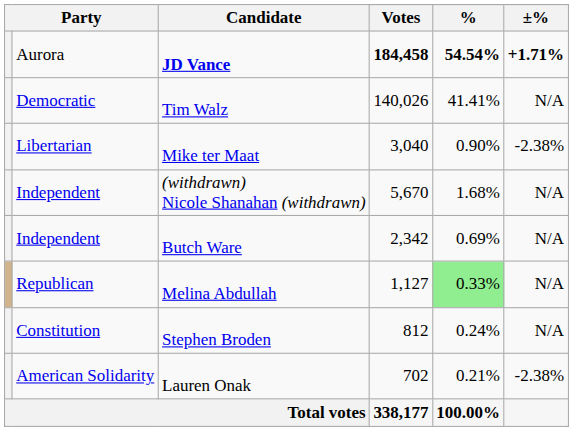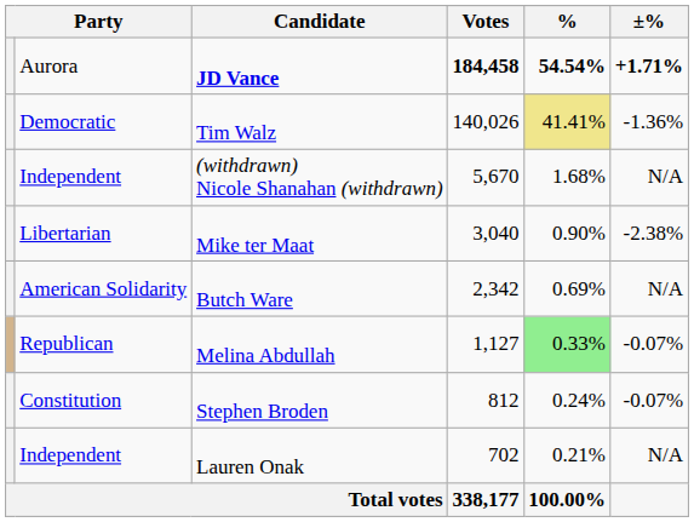 <table class="wikitable sortable" style="text-align:right">
 <tr>
 <th colspan="2" rowspan="2">Party</th>
 <th rowspan="2">Candidate</th>
 </tr>
 <tr>
 <th>Votes</th>
 <th>%</th>
 <th>±%</th>
 </tr>
 <tr>
 <th style="background-color:"></th>
 <td style="text-align:left">Aurora</td>
 <td scope="row" style="text-align:left"><strong></strong><br><strong><a href='#'>JD Vance</a></strong></td>
 <td><strong>184,458</strong></td>
 <td><strong>54.54%</strong></td>
 <td><strong>+1.71%</strong></td>
 </tr>
 <tr>
 <th style="background-color:"></th>
 <td style="text-align:left"><a href='#'>Democratic</a></td>
 <td scope="row" style="text-align:left"><br><a href='#'>Tim Walz</a></td>
 <td>140,026</td>
-<td>41.41%</td>
+<td style="background: khaki;">41.41%</td>
+<td>-1.36%</td>
+</tr>
+<tr>
+<th style="background-color:"></th>
+<td style="text-align:left"><a href='#'>Independent</a></td>
+<td scope="row" style="text-align:left"> <em>(withdrawn)</em><br><a href='#'>Nicole Shanahan</a> <em>(withdrawn)</em></td>
+<td>5,670</td>
+<td>1.68%</td>
 <td>N/A</td>
 </tr>
 <tr>
 <th style="background-color:"></th>
 <td style="text-align:left"><a href='#'>Libertarian</a></td>
 <td scope="row" style="text-align:left"><br><a href='#'>Mike ter Maat</a></td>
 <td>3,040</td>
 <td>0.90%</td>
 <td>-2.38%</td>
 </tr>
 <tr>
 <th style="background-color:"></th>
-<td style="text-align:left"><a href='#'>Independent</a></td>
-<td scope="row" style="text-align:left"> <em>(withdrawn)</em><br><a href='#'>Nicole Shanahan</a> <em>(withdrawn)</em></td>
-<td>5,670</td>
-<td>1.68%</td>
-<td>N/A</td>
-</tr>
-<tr>
-<th style="background-color:"></th>
-<td style="text-align:left"><a href='#'>Independent</a></td>
+<td style="text-align:left"><a href='#'>American Solidarity</a></td>
 <td scope="row" style="text-align:left"><br><a href='#'>Butch Ware</a></td>
 <td>2,342</td>
 <td>0.69%</td>
 <td>N/A</td>
 </tr>
 <tr>
 <th style="background-color:Tan"></th>
 <td style="text-align:left"><a href='#'>Republican</a></td>
 <td scope="row" style="text-align:left"><br><a href='#'>Melina Abdullah</a></td>
 <td>1,127</td>
 <td style="background: lightgreen;">0.33%</td>
-<td>N/A</td>
+<td>-0.07%</td>
 </tr>
 <tr>
 <th style="background-color:"></th>
 <td style="text-align:left"><a href='#'>Constitution</a></td>
 <td scope="row" style="text-align:left"><br><a href='#'>Stephen Broden</a></td>
 <td>812</td>
 <td>0.24%</td>
-<td>N/A</td>
+<td>-0.07%</td>
 </tr>
 <tr>
 <th style="background-color:"></th>
-<td style="text-align:left"><a href='#'>American Solidarity</a></td>
+<td style="text-align:left"><a href='#'>Independent</a></td>
 <td scope="row" style="text-align:left"><br>Lauren Onak</td>
 <td>702</td>
 <td>0.21%</td>
-<td>-2.38%</td>
+<td>N/A</td>
 </tr>
 <tr class="sortbottom" style="background-color:#F6F6F6">
 <th colspan="3" scope="row" style="text-align:right;">Total votes</th>
 <td><strong>338,177</strong></td>
 <td><strong>100.00%</strong></td>
 <td></td>
 </tr>
 </table>
